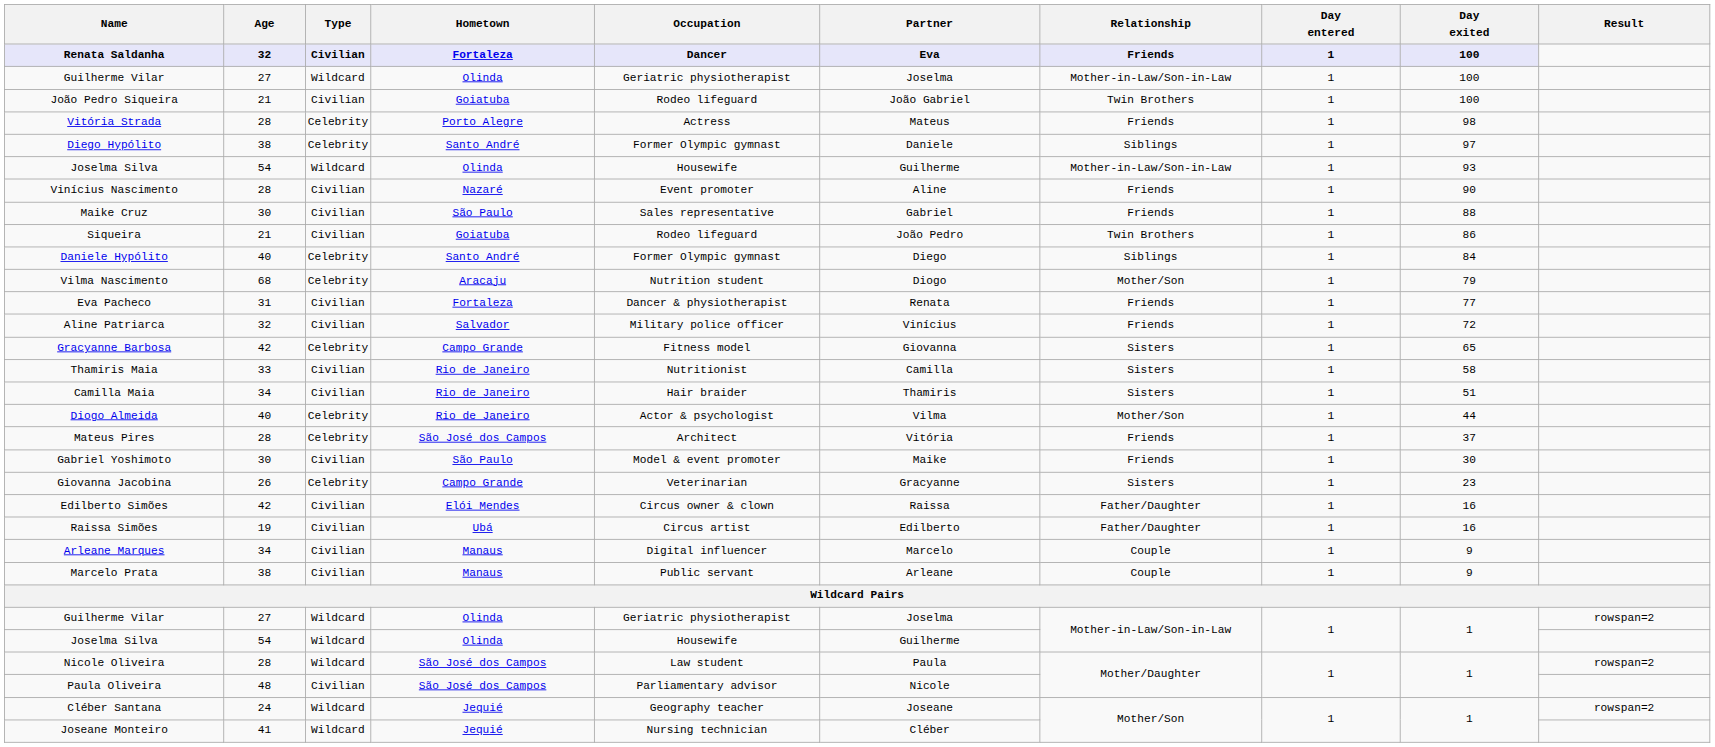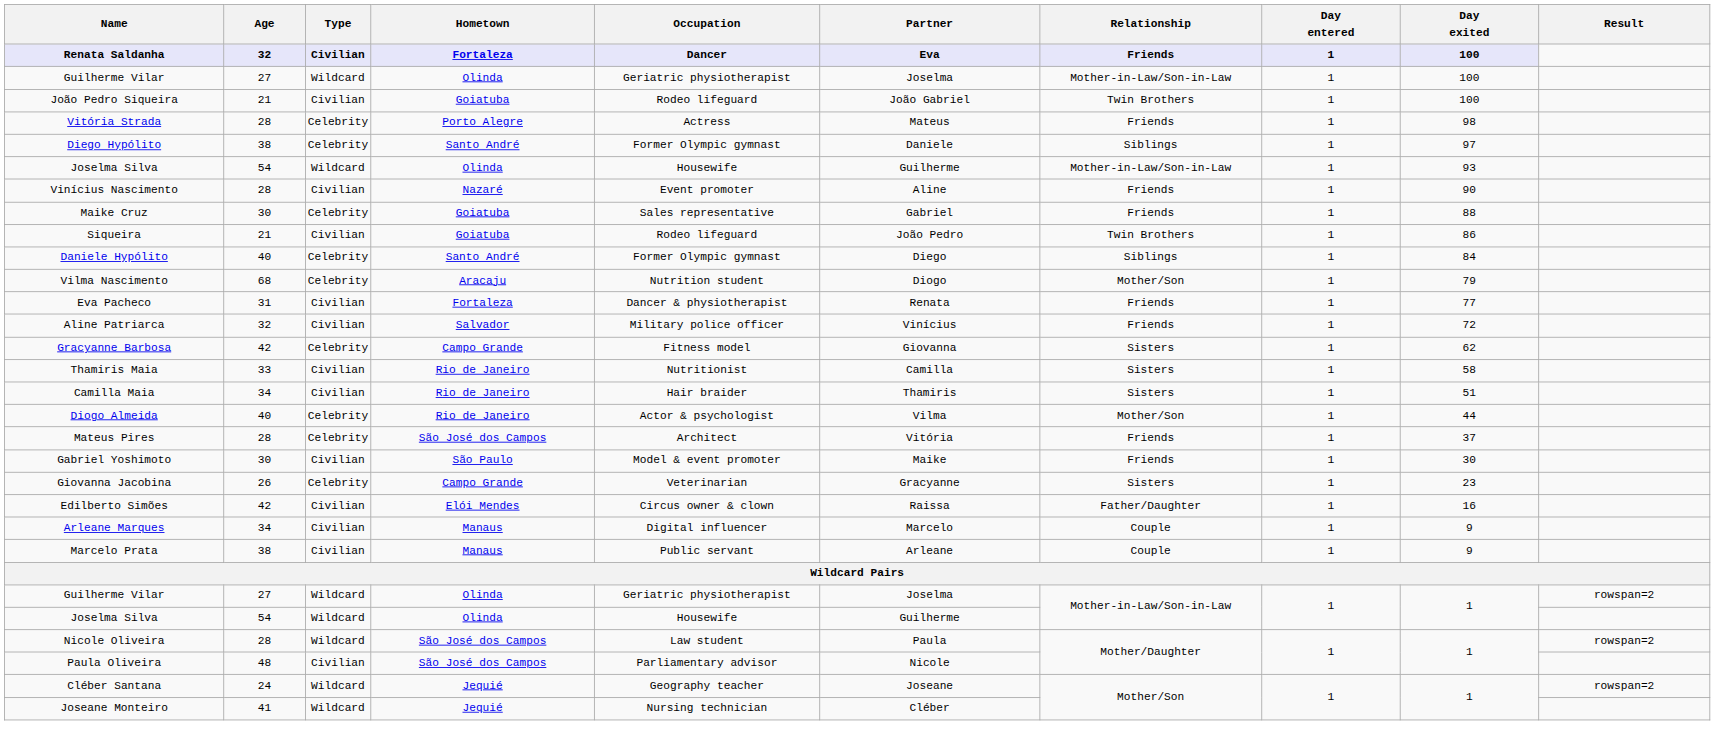 <table class="wikitable sortable" style="text-align:center; width:100%; line-height:20px;">
 <tr>
 <th scope="col" width="13.5%">Name</th>
 <th scope="col" width="05.0%">Age</th>
 <th>Type</th>
 <th scope="col" width="13.5%">Hometown</th>
 <th scope="col" width="13.5%">Occupation</th>
 <th scope="col" width="13.5%">Partner</th>
 <th scope="col" width="13.5%">Relationship</th>
 <th scope="col" width="08.5%">Day<br>entered</th>
 <th scope="col" width="08.5%">Day<br>exited</th>
 <th scope="col" width="13.5%">Result</th>
 </tr>
 <tr>
 <td bgcolor="E6E6FA"><strong>Renata Saldanha</strong></td>
 <td bgcolor="E6E6FA"><strong>32</strong></td>
 <td bgcolor="E6E6FA"><strong>Civilian</strong></td>
 <td bgcolor="E6E6FA"><strong><a href='#'>Fortaleza</a></strong></td>
 <td bgcolor="E6E6FA"><strong>Dancer</strong></td>
 <td bgcolor="E6E6FA"><strong>Eva</strong></td>
 <td bgcolor="E6E6FA"><strong>Friends</strong></td>
 <td bgcolor="E6E6FA"><strong>1</strong></td>
 <td bgcolor="E6E6FA"><strong>100</strong></td>
 <td></td>
 </tr>
 <tr>
 <td>Guilherme Vilar</td>
 <td>27</td>
 <td>Wildcard</td>
 <td><a href='#'>Olinda</a></td>
 <td>Geriatric physiotherapist</td>
 <td>Joselma</td>
 <td>Mother-in-Law/Son-in-Law</td>
 <td>1</td>
 <td>100</td>
 <td></td>
 </tr>
 <tr>
 <td>João Pedro Siqueira</td>
 <td>21</td>
 <td>Civilian</td>
 <td><a href='#'>Goiatuba</a></td>
 <td>Rodeo lifeguard</td>
 <td nowrap>João Gabriel</td>
 <td>Twin Brothers</td>
 <td>1</td>
 <td>100</td>
 <td></td>
 </tr>
 <tr>
 <td><a href='#'>Vitória Strada</a></td>
 <td>28</td>
 <td>Celebrity</td>
 <td><a href='#'>Porto Alegre</a></td>
 <td>Actress</td>
 <td>Mateus</td>
 <td>Friends</td>
 <td>1</td>
 <td>98</td>
 <td></td>
 </tr>
 <tr>
 <td><a href='#'>Diego Hypólito</a></td>
 <td>38</td>
 <td>Celebrity</td>
 <td><a href='#'>Santo André</a></td>
 <td>Former Olympic gymnast</td>
 <td>Daniele</td>
 <td>Siblings</td>
 <td>1</td>
 <td>97</td>
 <td></td>
 </tr>
 <tr>
 <td>Joselma Silva</td>
 <td>54</td>
 <td>Wildcard</td>
 <td><a href='#'>Olinda</a></td>
 <td>Housewife</td>
 <td>Guilherme</td>
 <td>Mother-in-Law/Son-in-Law</td>
 <td>1</td>
 <td>93</td>
 <td></td>
 </tr>
 <tr>
 <td>Vinícius Nascimento</td>
 <td>28</td>
 <td>Civilian</td>
 <td><a href='#'>Nazaré</a></td>
 <td>Event promoter</td>
 <td>Aline</td>
 <td>Friends</td>
 <td>1</td>
 <td>90</td>
 <td></td>
 </tr>
 <tr>
 <td>Maike Cruz</td>
 <td>30</td>
-<td>Civilian</td>
-<td><a href='#'>São Paulo</a></td>
+<td>Celebrity</td>
+<td><a href='#'>Goiatuba</a></td>
 <td>Sales representative</td>
 <td>Gabriel</td>
 <td>Friends</td>
 <td>1</td>
 <td>88</td>
 <td></td>
 </tr>
 <tr>
 <td> Siqueira</td>
 <td>21</td>
 <td>Civilian</td>
 <td><a href='#'>Goiatuba</a></td>
 <td>Rodeo lifeguard</td>
 <td>João Pedro</td>
 <td>Twin Brothers</td>
 <td>1</td>
 <td>86</td>
 <td></td>
 </tr>
 <tr>
 <td><a href='#'>Daniele Hypólito</a></td>
 <td>40</td>
 <td>Celebrity</td>
 <td><a href='#'>Santo André</a></td>
 <td nowrap>Former Olympic gymnast</td>
 <td>Diego</td>
 <td>Siblings</td>
 <td>1</td>
 <td>84</td>
 <td></td>
 </tr>
 <tr>
 <td>Vilma Nascimento</td>
 <td>68</td>
 <td>Celebrity</td>
 <td><a href='#'>Aracaju</a></td>
 <td>Nutrition student</td>
 <td>Diogo</td>
 <td>Mother/Son</td>
 <td>1</td>
 <td>79</td>
 <td></td>
 </tr>
 <tr>
 <td>Eva Pacheco</td>
 <td>31</td>
 <td>Civilian</td>
 <td><a href='#'>Fortaleza</a></td>
 <td>Dancer & physiotherapist</td>
 <td>Renata</td>
 <td>Friends</td>
 <td>1</td>
 <td>77</td>
 <td></td>
 </tr>
 <tr>
 <td>Aline Patriarca</td>
 <td>32</td>
 <td>Civilian</td>
 <td><a href='#'>Salvador</a></td>
 <td>Military police officer</td>
 <td>Vinícius</td>
 <td>Friends</td>
 <td>1</td>
 <td>72</td>
 <td></td>
 </tr>
 <tr>
 <td><a href='#'>Gracyanne Barbosa</a></td>
 <td>42</td>
 <td>Celebrity</td>
 <td><a href='#'>Campo Grande</a></td>
 <td>Fitness model</td>
 <td>Giovanna</td>
 <td>Sisters</td>
 <td>1</td>
-<td>65</td>
+<td>62</td>
 <td></td>
 </tr>
 <tr>
 <td>Thamiris Maia</td>
 <td>33</td>
 <td>Civilian</td>
 <td><a href='#'>Rio de Janeiro</a></td>
 <td>Nutritionist</td>
 <td>Camilla</td>
 <td>Sisters</td>
 <td>1</td>
 <td>58</td>
 <td></td>
 </tr>
 <tr>
 <td>Camilla Maia</td>
 <td>34</td>
 <td>Civilian</td>
 <td><a href='#'>Rio de Janeiro</a></td>
 <td>Hair braider</td>
 <td>Thamiris</td>
 <td>Sisters</td>
 <td>1</td>
 <td>51</td>
 <td></td>
 </tr>
 <tr>
 <td><a href='#'>Diogo Almeida</a></td>
 <td>40</td>
 <td>Celebrity</td>
 <td><a href='#'>Rio de Janeiro</a></td>
 <td>Actor & psychologist</td>
 <td>Vilma</td>
 <td>Mother/Son</td>
 <td>1</td>
 <td>44</td>
 <td></td>
 </tr>
 <tr>
 <td>Mateus Pires</td>
 <td>28</td>
 <td>Celebrity</td>
 <td nowrap><a href='#'>São José dos Campos</a></td>
 <td>Architect</td>
 <td>Vitória</td>
 <td>Friends</td>
 <td>1</td>
 <td>37</td>
 <td></td>
 </tr>
 <tr>
 <td>Gabriel Yoshimoto</td>
 <td>30</td>
 <td>Civilian</td>
 <td><a href='#'>São Paulo</a></td>
 <td>Model & event promoter</td>
 <td>Maike</td>
 <td>Friends</td>
 <td>1</td>
 <td>30</td>
 <td></td>
 </tr>
 <tr>
 <td>Giovanna Jacobina</td>
 <td>26</td>
 <td>Celebrity</td>
 <td><a href='#'>Campo Grande</a></td>
 <td>Veterinarian</td>
 <td>Gracyanne</td>
 <td>Sisters</td>
 <td>1</td>
 <td>23</td>
 <td></td>
 </tr>
 <tr>
 <td>Edilberto Simões</td>
 <td>42</td>
 <td>Civilian</td>
 <td><a href='#'>Elói Mendes</a></td>
 <td>Circus owner & clown</td>
 <td>Raissa</td>
-<td>Father/Daughter</td>
-<td>1</td>
-<td>16</td>
-<td></td>
-</tr>
-<tr>
-<td>Raissa Simões</td>
-<td>19</td>
-<td>Civilian</td>
-<td><a href='#'>Ubá</a></td>
-<td>Circus artist</td>
-<td>Edilberto</td>
 <td>Father/Daughter</td>
 <td>1</td>
 <td>16</td>
 <td></td>
 </tr>
 <tr>
 <td><a href='#'>Arleane Marques</a></td>
 <td>34</td>
 <td>Civilian</td>
 <td><a href='#'>Manaus</a></td>
 <td>Digital influencer</td>
 <td>Marcelo</td>
 <td>Couple</td>
 <td>1</td>
 <td>9</td>
 <td></td>
 </tr>
 <tr>
 <td>Marcelo Prata</td>
 <td>38</td>
 <td>Civilian</td>
 <td><a href='#'>Manaus</a></td>
 <td>Public servant</td>
 <td>Arleane</td>
 <td>Couple</td>
 <td>1</td>
 <td>9</td>
 <td></td>
 </tr>
 <tr>
 <th colspan=10>Wildcard Pairs</th>
 </tr>
 <tr>
 <td>Guilherme Vilar</td>
 <td>27</td>
 <td>Wildcard</td>
 <td><a href='#'>Olinda</a></td>
 <td>Geriatric physiotherapist</td>
 <td>Joselma</td>
 <td rowspan=2>Mother-in-Law/Son-in-Law</td>
 <td rowspan=2>1</td>
 <td rowspan=2>1</td>
 <td>rowspan=2 </td>
 </tr>
 <tr>
 <td>Joselma Silva</td>
 <td>54</td>
 <td>Wildcard</td>
 <td><a href='#'>Olinda</a></td>
 <td>Housewife</td>
 <td>Guilherme</td>
 </tr>
 <tr>
 <td>Nicole Oliveira</td>
 <td>28</td>
 <td>Wildcard</td>
 <td><a href='#'>São José dos Campos</a></td>
 <td>Law student</td>
 <td>Paula</td>
 <td rowspan=2>Mother/Daughter</td>
 <td rowspan=2>1</td>
 <td rowspan=2>1</td>
 <td>rowspan=2 </td>
 </tr>
 <tr>
 <td>Paula Oliveira</td>
 <td>48</td>
 <td>Civilian</td>
 <td><a href='#'>São José dos Campos</a></td>
 <td>Parliamentary advisor</td>
 <td>Nicole</td>
 </tr>
 <tr>
 <td>Cléber Santana</td>
 <td>24</td>
 <td>Wildcard</td>
 <td><a href='#'>Jequié</a></td>
 <td>Geography teacher</td>
 <td>Joseane</td>
 <td rowspan=2>Mother/Son</td>
 <td rowspan=2>1</td>
 <td rowspan=2>1</td>
 <td>rowspan=2 </td>
 </tr>
 <tr>
 <td>Joseane Monteiro</td>
 <td>41</td>
 <td>Wildcard</td>
 <td><a href='#'>Jequié</a></td>
 <td>Nursing technician</td>
 <td>Cléber</td>
 </tr>
 </table>
